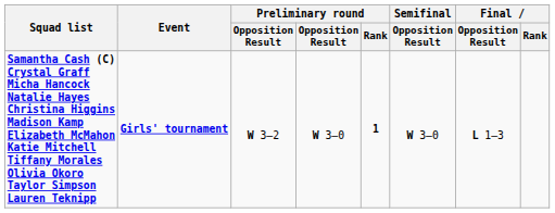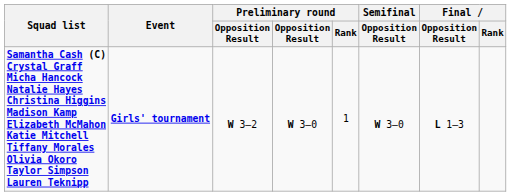 <table class=wikitable style=font-size:90%>
 <tr>
 <th rowspan=2>Squad list</th>
 <th rowspan=2>Event</th>
 <th colspan=3>Preliminary round</th>
 <th>Semifinal</th>
 <th colspan=2>Final / </th>
 </tr>
 <tr style=font-size:95%>
 <th>Opposition<br>Result</th>
 <th>Opposition<br>Result</th>
 <th>Rank</th>
 <th>Opposition<br>Result</th>
 <th>Opposition<br>Result</th>
 <th>Rank</th>
 </tr>
 <tr align=center>
 <td align=left><strong><a href='#'>Samantha Cash</a> (C)<br><a href='#'>Crystal Graff</a><br><a href='#'>Micha Hancock</a><br><a href='#'>Natalie Hayes</a><br><a href='#'>Christina Higgins</a><br><a href='#'>Madison Kamp</a><br><a href='#'>Elizabeth McMahon</a><br><a href='#'>Katie Mitchell</a><br><a href='#'>Tiffany Morales</a><br><a href='#'>Olivia Okoro</a><br><a href='#'>Taylor Simpson</a><br><a href='#'>Lauren Teknipp</a></strong></td>
 <td align=left><strong><a href='#'>Girls' tournament</a></strong></td>
 <td><br><strong>W</strong> 3–2</td>
 <td><br><strong>W</strong> 3–0</td>
-<td><strong>1</strong></td>
+<td>1</td>
 <td><br> <strong>W</strong> 3–0</td>
 <td><br> <strong>L</strong> 1–3</td>
 <td></td>
 </tr>
 </table>
